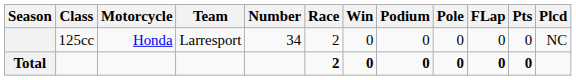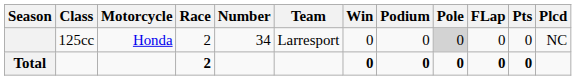 <table class="wikitable">
 <tr>
 <th>Season</th>
 <th>Class</th>
 <th>Motorcycle</th>
+<th>Race</th>
+<th>Number</th>
 <th>Team</th>
-<th>Number</th>
-<th>Race</th>
 <th>Win</th>
 <th>Podium</th>
 <th>Pole</th>
 <th>FLap</th>
 <th>Pts</th>
 <th>Plcd</th>
 </tr>
 <tr align="right">
 <th></th>
 <td>125cc</td>
 <td><a href='#'>Honda</a></td>
+<td>2</td>
+<td>34</td>
 <td>Larresport</td>
-<td>34</td>
-<td>2</td>
 <td>0</td>
 <td>0</td>
-<td>0</td>
+<td style="background: lightgrey;">0</td>
 <td>0</td>
 <td>0</td>
 <td>NC</td>
 </tr>
 <tr align="right">
 <th>Total</th>
 <td></td>
 <td></td>
+<td><strong>2</strong></td>
 <td></td>
 <td></td>
-<td><strong>2</strong></td>
 <td><strong>0</strong></td>
 <td><strong>0</strong></td>
 <td><strong>0</strong></td>
 <td><strong>0</strong></td>
 <td><strong>0</strong></td>
 <td></td>
 </tr>
 </table>
